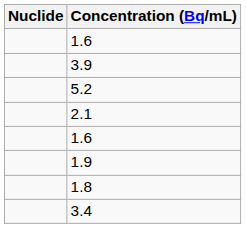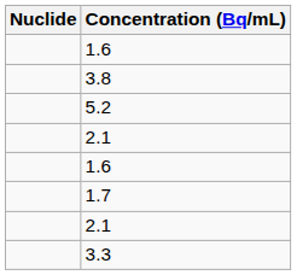 <table class="wikitable">
 <tr>
 <th>Nuclide</th>
 <th>Concentration (<a href='#'>Bq</a>/mL)</th>
 </tr>
 <tr>
 <td></td>
 <td>1.6</td>
 </tr>
 <tr>
 <td></td>
-<td>3.9</td>
+<td>3.8</td>
 </tr>
 <tr>
 <td></td>
 <td>5.2</td>
 </tr>
 <tr>
 <td></td>
 <td>2.1</td>
 </tr>
 <tr>
 <td></td>
 <td>1.6</td>
 </tr>
 <tr>
 <td></td>
-<td>1.9</td>
+<td>1.7</td>
 </tr>
 <tr>
 <td></td>
-<td>1.8</td>
+<td>2.1</td>
 </tr>
 <tr>
 <td></td>
-<td>3.4</td>
+<td>3.3</td>
 </tr>
 </table>
